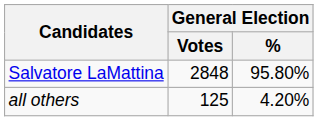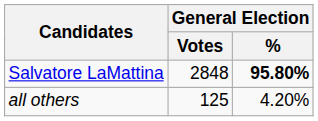 <table class=wikitable>
 <tr>
 <th colspan=1 rowspan=2><strong>Candidates</strong></th>
 <th colspan=2><strong>General Election</strong></th>
 </tr>
 <tr>
 <th>Votes</th>
 <th>%</th>
 </tr>
 <tr>
 <td><a href='#'>Salvatore LaMattina</a></td>
 <td align="right">2848</td>
-<td align="right">95.80%</td>
+<td align="right"><strong>95.80%</strong></td>
 </tr>
 <tr>
 <td><em>all others</em></td>
 <td align="right">125</td>
 <td align="right">4.20%</td>
 </tr>
 </table>
